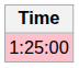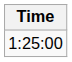 <table class="wikitable" border="1" align="upright">
 <tr>
 <th>Time</th>
 </tr>
 <tr>
-<td style="background: pink;">1:25:00</td>
+<td>1:25:00</td>
 </tr>
 </table>
